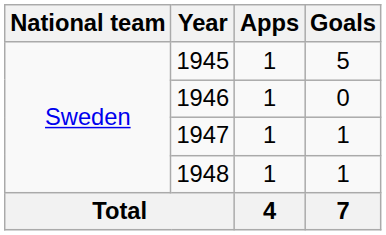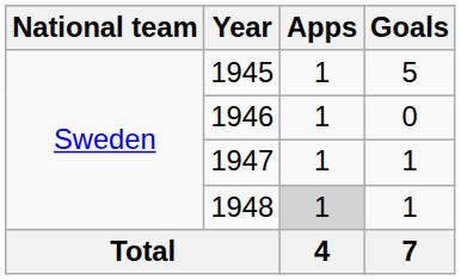 <table class="wikitable" style="text-align:center">
 <tr>
 <th>National team</th>
 <th>Year</th>
 <th>Apps</th>
 <th>Goals</th>
 </tr>
 <tr>
 <td rowspan="4"><a href='#'>Sweden</a></td>
 <td>1945</td>
 <td>1</td>
 <td>5</td>
 </tr>
 <tr>
 <td>1946</td>
 <td>1</td>
 <td>0</td>
 </tr>
 <tr>
 <td>1947</td>
 <td>1</td>
 <td>1</td>
 </tr>
 <tr>
 <td>1948</td>
-<td>1</td>
+<td style="background: lightgrey;">1</td>
 <td>1</td>
 </tr>
 <tr>
 <th colspan="2">Total</th>
 <th>4</th>
 <th>7</th>
 </tr>
 </table>
